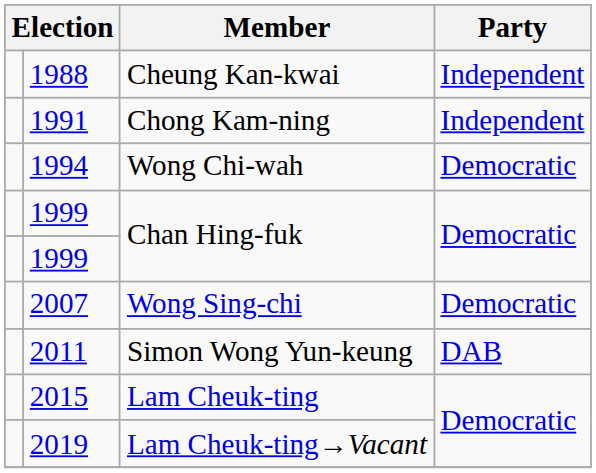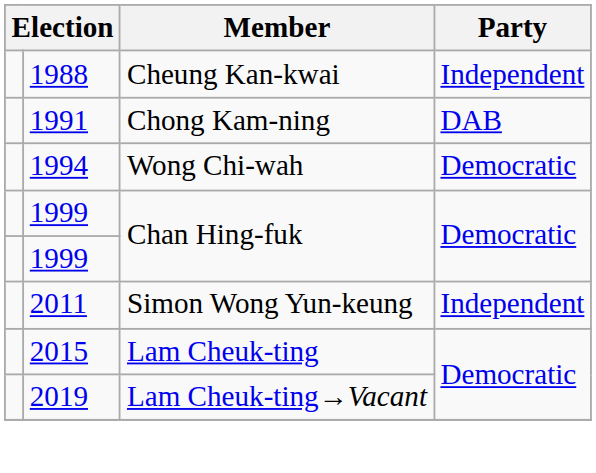 <table class="wikitable">
 <tr>
 <th colspan="2">Election</th>
 <th>Member</th>
 <th>Party</th>
 </tr>
 <tr>
 <td style="background-color: "></td>
 <td><a href='#'>1988</a></td>
 <td>Cheung Kan-kwai</td>
 <td><a href='#'>Independent</a></td>
 </tr>
 <tr>
 <td style="background-color: "></td>
 <td><a href='#'>1991</a></td>
 <td>Chong Kam-ning</td>
-<td><a href='#'>Independent</a></td>
+<td><a href='#'>DAB</a></td>
 </tr>
 <tr>
 <td style="background-color: "></td>
 <td><a href='#'>1994</a></td>
 <td>Wong Chi-wah</td>
 <td><a href='#'>Democratic</a></td>
 </tr>
 <tr>
 <td style="background-color: "></td>
 <td><a href='#'>1999</a></td>
 <td rowspan=2>Chan Hing-fuk</td>
 <td rowspan=2><a href='#'>Democratic</a></td>
 </tr>
 <tr>
 <td style="background-color: "></td>
 <td><a href='#'>1999</a></td>
 </tr>
 <tr>
 <td style="background-color: "></td>
-<td><a href='#'>2007</a></td>
-<td><a href='#'>Wong Sing-chi</a></td>
-<td><a href='#'>Democratic</a></td>
-</tr>
-<tr>
-<td style="background-color: "></td>
 <td><a href='#'>2011</a></td>
 <td>Simon Wong Yun-keung</td>
-<td><a href='#'>DAB</a></td>
+<td><a href='#'>Independent</a></td>
 </tr>
 <tr>
 <td style="background-color: "></td>
 <td><a href='#'>2015</a></td>
 <td><a href='#'>Lam Cheuk-ting</a></td>
 <td rowspan=2><a href='#'>Democratic</a></td>
 </tr>
 <tr>
 <td style="background-color: "></td>
 <td><a href='#'>2019</a></td>
 <td><a href='#'>Lam Cheuk-ting</a>→<em>Vacant</em></td>
 </tr>
 <tr>
 </tr>
 </table>
